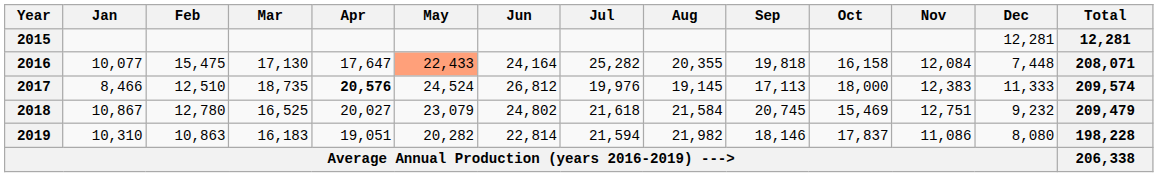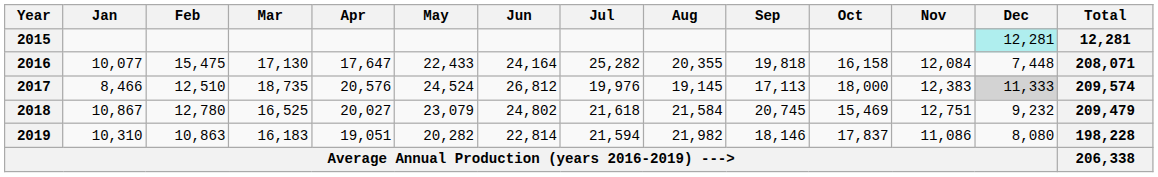 <table class=wikitable style="text-align:right; font-size:0.9em; width:950px;">
 <tr>
 <th>Year</th>
 <th>Jan</th>
 <th>Feb</th>
 <th>Mar</th>
 <th>Apr</th>
 <th>May</th>
 <th>Jun</th>
 <th>Jul</th>
 <th>Aug</th>
 <th>Sep</th>
 <th>Oct</th>
 <th>Nov</th>
 <th>Dec</th>
 <th>Total</th>
 </tr>
 <tr>
 <th>2015</th>
 <td></td>
 <td></td>
 <td></td>
 <td></td>
 <td></td>
 <td></td>
 <td></td>
 <td></td>
 <td></td>
 <td></td>
 <td></td>
-<td>12,281</td>
+<td style="background: paleturquoise;">12,281</td>
 <th>12,281</th>
 </tr>
 <tr>
 <th>2016</th>
 <td>10,077</td>
 <td>15,475</td>
 <td>17,130</td>
 <td>17,647</td>
-<td style="background: lightsalmon;">22,433</td>
+<td>22,433</td>
 <td>24,164</td>
 <td>25,282</td>
 <td>20,355</td>
 <td>19,818</td>
 <td>16,158</td>
 <td>12,084</td>
 <td>7,448</td>
 <th>208,071</th>
 </tr>
 <tr>
 <th>2017</th>
 <td>8,466</td>
 <td>12,510</td>
 <td>18,735</td>
-<td><strong>20,576</strong></td>
+<td>20,576</td>
 <td>24,524</td>
 <td>26,812</td>
 <td>19,976</td>
 <td>19,145</td>
 <td>17,113</td>
 <td>18,000</td>
 <td>12,383</td>
-<td>11,333</td>
+<td style="background: lightgrey;">11,333</td>
 <th>209,574</th>
 </tr>
 <tr>
 <th>2018</th>
 <td>10,867</td>
 <td>12,780</td>
 <td>16,525</td>
 <td>20,027</td>
 <td>23,079</td>
 <td>24,802</td>
 <td>21,618</td>
 <td>21,584</td>
 <td>20,745</td>
 <td>15,469</td>
 <td>12,751</td>
 <td>9,232</td>
 <th>209,479</th>
 </tr>
 <tr>
 <th>2019</th>
 <td>10,310</td>
 <td>10,863</td>
 <td>16,183</td>
 <td>19,051</td>
 <td>20,282</td>
 <td>22,814</td>
 <td>21,594</td>
 <td>21,982</td>
 <td>18,146</td>
 <td>17,837</td>
 <td>11,086</td>
 <td>8,080</td>
 <th>198,228</th>
 </tr>
 <tr>
 <th colspan=13>Average Annual Production (years 2016-2019) ---></th>
 <th>206,338</th>
 </tr>
 </table>
